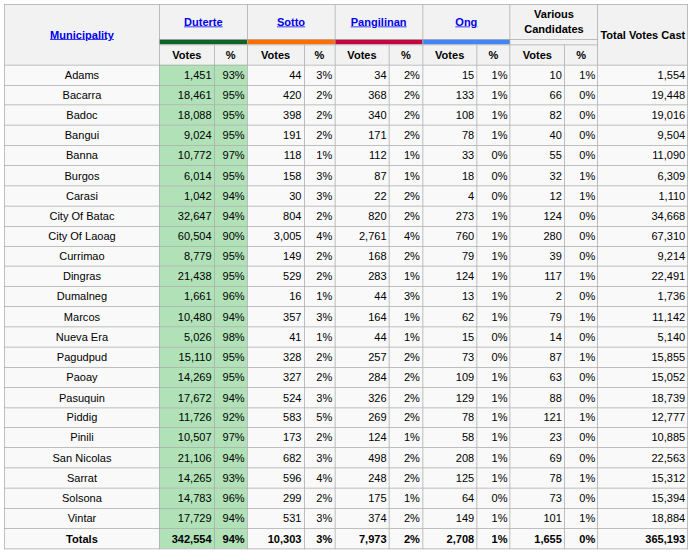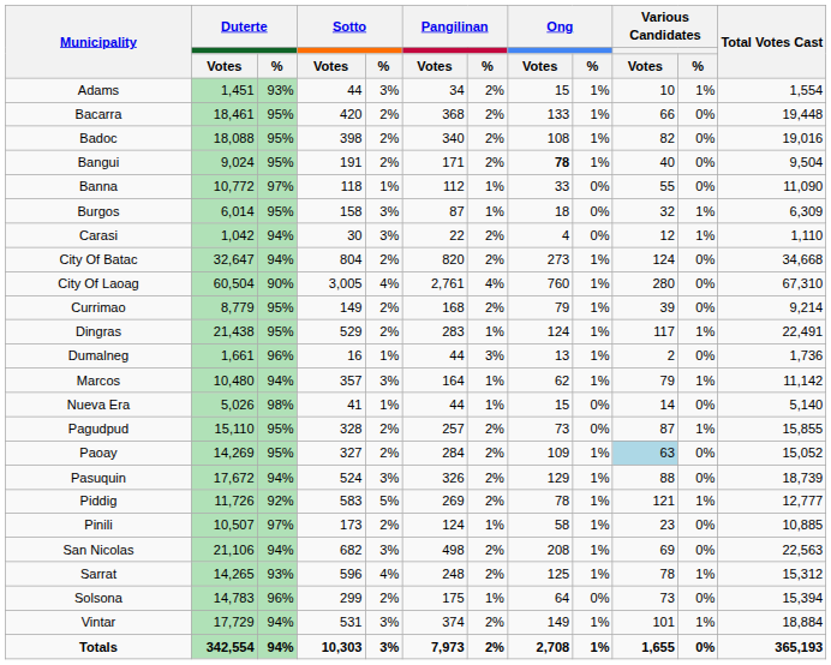 <table class="wikitable sortable" style="text-align:right; font-size:92%; line-height:20px;">
 <tr>
 <th rowspan="3" width="200"><a href='#'>Municipality</a></th>
 <th colspan="2" width="110"><a href='#'>Duterte</a></th>
 <th colspan="2" width="110"><a href='#'>Sotto</a></th>
 <th colspan="2" width="110"><a href='#'>Pangilinan</a></th>
 <th colspan="2" width="110"><a href='#'>Ong</a></th>
 <th colspan="2" width="110">Various Candidates</th>
 <th rowspan="3">Total Votes Cast</th>
 </tr>
 <tr>
 <th colspan="2" style="background:#0f6326;"></th>
 <th colspan="2" style="background:#ff6d01;"></th>
 <th colspan="2" style="background:#c3073e;"></th>
 <th colspan="2" style="background:#4285f4;"></th>
 <th colspan="2"></th>
 </tr>
 <tr>
 <th>Votes</th>
 <th>%</th>
 <th>Votes</th>
 <th>%</th>
 <th>Votes</th>
 <th>%</th>
 <th>Votes</th>
 <th>%</th>
 <th>Votes</th>
 <th>%</th>
 </tr>
 <tr>
 <td style="text-align:center;">Adams</td>
 <td style="background:#B0E1B7;">1,451</td>
 <td style="background:#B0E1B7;">93%</td>
 <td>44</td>
 <td>3%</td>
 <td>34</td>
 <td>2%</td>
 <td>15</td>
 <td>1%</td>
 <td>10</td>
 <td>1%</td>
 <td>1,554</td>
 </tr>
 <tr>
 <td style="text-align:center;">Bacarra</td>
 <td style="background:#B0E1B7;">18,461</td>
 <td style="background:#B0E1B7;">95%</td>
 <td>420</td>
 <td>2%</td>
 <td>368</td>
 <td>2%</td>
 <td>133</td>
 <td>1%</td>
 <td>66</td>
 <td>0%</td>
 <td>19,448</td>
 </tr>
 <tr>
 <td style="text-align:center;">Badoc</td>
 <td style="background:#B0E1B7;">18,088</td>
 <td style="background:#B0E1B7;">95%</td>
 <td>398</td>
 <td>2%</td>
 <td>340</td>
 <td>2%</td>
 <td>108</td>
 <td>1%</td>
 <td>82</td>
 <td>0%</td>
 <td>19,016</td>
 </tr>
 <tr>
 <td style="text-align:center;">Bangui</td>
 <td style="background:#B0E1B7;">9,024</td>
 <td style="background:#B0E1B7;">95%</td>
 <td>191</td>
 <td>2%</td>
 <td>171</td>
 <td>2%</td>
-<td>78</td>
+<td><strong>78</strong></td>
 <td>1%</td>
 <td>40</td>
 <td>0%</td>
 <td>9,504</td>
 </tr>
 <tr>
 <td style="text-align:center;">Banna</td>
 <td style="background:#B0E1B7;">10,772</td>
 <td style="background:#B0E1B7;">97%</td>
 <td>118</td>
 <td>1%</td>
 <td>112</td>
 <td>1%</td>
 <td>33</td>
 <td>0%</td>
 <td>55</td>
 <td>0%</td>
 <td>11,090</td>
 </tr>
 <tr>
 <td style="text-align:center;">Burgos</td>
 <td style="background:#B0E1B7;">6,014</td>
 <td style="background:#B0E1B7;">95%</td>
 <td>158</td>
 <td>3%</td>
 <td>87</td>
 <td>1%</td>
 <td>18</td>
 <td>0%</td>
 <td>32</td>
 <td>1%</td>
 <td>6,309</td>
 </tr>
 <tr>
 <td style="text-align:center;">Carasi</td>
 <td style="background:#B0E1B7;">1,042</td>
 <td style="background:#B0E1B7;">94%</td>
 <td>30</td>
 <td>3%</td>
 <td>22</td>
 <td>2%</td>
 <td>4</td>
 <td>0%</td>
 <td>12</td>
 <td>1%</td>
 <td>1,110</td>
 </tr>
 <tr>
 <td style="text-align:center;">City Of Batac</td>
 <td style="background:#B0E1B7;">32,647</td>
 <td style="background:#B0E1B7;">94%</td>
 <td>804</td>
 <td>2%</td>
 <td>820</td>
 <td>2%</td>
 <td>273</td>
 <td>1%</td>
 <td>124</td>
 <td>0%</td>
 <td>34,668</td>
 </tr>
 <tr>
 <td style="text-align:center;">City Of Laoag</td>
 <td style="background:#B0E1B7;">60,504</td>
 <td style="background:#B0E1B7;">90%</td>
 <td>3,005</td>
 <td>4%</td>
 <td>2,761</td>
 <td>4%</td>
 <td>760</td>
 <td>1%</td>
 <td>280</td>
 <td>0%</td>
 <td>67,310</td>
 </tr>
 <tr>
 <td style="text-align:center;">Currimao</td>
 <td style="background:#B0E1B7;">8,779</td>
 <td style="background:#B0E1B7;">95%</td>
 <td>149</td>
 <td>2%</td>
 <td>168</td>
 <td>2%</td>
 <td>79</td>
 <td>1%</td>
 <td>39</td>
 <td>0%</td>
 <td>9,214</td>
 </tr>
 <tr>
 <td style="text-align:center;">Dingras</td>
 <td style="background:#B0E1B7;">21,438</td>
 <td style="background:#B0E1B7;">95%</td>
 <td>529</td>
 <td>2%</td>
 <td>283</td>
 <td>1%</td>
 <td>124</td>
 <td>1%</td>
 <td>117</td>
 <td>1%</td>
 <td>22,491</td>
 </tr>
 <tr>
 <td style="text-align:center;">Dumalneg</td>
 <td style="background:#B0E1B7;">1,661</td>
 <td style="background:#B0E1B7;">96%</td>
 <td>16</td>
 <td>1%</td>
 <td>44</td>
 <td>3%</td>
 <td>13</td>
 <td>1%</td>
 <td>2</td>
 <td>0%</td>
 <td>1,736</td>
 </tr>
 <tr>
 <td style="text-align:center;">Marcos</td>
 <td style="background:#B0E1B7;">10,480</td>
 <td style="background:#B0E1B7;">94%</td>
 <td>357</td>
 <td>3%</td>
 <td>164</td>
 <td>1%</td>
 <td>62</td>
 <td>1%</td>
 <td>79</td>
 <td>1%</td>
 <td>11,142</td>
 </tr>
 <tr>
 <td style="text-align:center;">Nueva Era</td>
 <td style="background:#B0E1B7;">5,026</td>
 <td style="background:#B0E1B7;">98%</td>
 <td>41</td>
 <td>1%</td>
 <td>44</td>
 <td>1%</td>
 <td>15</td>
 <td>0%</td>
 <td>14</td>
 <td>0%</td>
 <td>5,140</td>
 </tr>
 <tr>
 <td style="text-align:center;">Pagudpud</td>
 <td style="background:#B0E1B7;">15,110</td>
 <td style="background:#B0E1B7;">95%</td>
 <td>328</td>
 <td>2%</td>
 <td>257</td>
 <td>2%</td>
 <td>73</td>
 <td>0%</td>
 <td>87</td>
 <td>1%</td>
 <td>15,855</td>
 </tr>
 <tr>
 <td style="text-align:center;">Paoay</td>
 <td style="background:#B0E1B7;">14,269</td>
 <td style="background:#B0E1B7;">95%</td>
 <td>327</td>
 <td>2%</td>
 <td>284</td>
 <td>2%</td>
 <td>109</td>
 <td>1%</td>
-<td>63</td>
+<td style="background: lightblue;">63</td>
 <td>0%</td>
 <td>15,052</td>
 </tr>
 <tr>
 <td style="text-align:center;">Pasuquin</td>
 <td style="background:#B0E1B7;">17,672</td>
 <td style="background:#B0E1B7;">94%</td>
 <td>524</td>
 <td>3%</td>
 <td>326</td>
 <td>2%</td>
 <td>129</td>
 <td>1%</td>
 <td>88</td>
 <td>0%</td>
 <td>18,739</td>
 </tr>
 <tr>
 <td style="text-align:center;">Piddig</td>
 <td style="background:#B0E1B7;">11,726</td>
 <td style="background:#B0E1B7;">92%</td>
 <td>583</td>
 <td>5%</td>
 <td>269</td>
 <td>2%</td>
 <td>78</td>
 <td>1%</td>
 <td>121</td>
 <td>1%</td>
 <td>12,777</td>
 </tr>
 <tr>
 <td style="text-align:center;">Pinili</td>
 <td style="background:#B0E1B7;">10,507</td>
 <td style="background:#B0E1B7;">97%</td>
 <td>173</td>
 <td>2%</td>
 <td>124</td>
 <td>1%</td>
 <td>58</td>
 <td>1%</td>
 <td>23</td>
 <td>0%</td>
 <td>10,885</td>
 </tr>
 <tr>
 <td style="text-align:center;">San Nicolas</td>
 <td style="background:#B0E1B7;">21,106</td>
 <td style="background:#B0E1B7;">94%</td>
 <td>682</td>
 <td>3%</td>
 <td>498</td>
 <td>2%</td>
 <td>208</td>
 <td>1%</td>
 <td>69</td>
 <td>0%</td>
 <td>22,563</td>
 </tr>
 <tr>
 <td style="text-align:center;">Sarrat</td>
 <td style="background:#B0E1B7;">14,265</td>
 <td style="background:#B0E1B7;">93%</td>
 <td>596</td>
 <td>4%</td>
 <td>248</td>
 <td>2%</td>
 <td>125</td>
 <td>1%</td>
 <td>78</td>
 <td>1%</td>
 <td>15,312</td>
 </tr>
 <tr>
 <td style="text-align:center;">Solsona</td>
 <td style="background:#B0E1B7;">14,783</td>
 <td style="background:#B0E1B7;">96%</td>
 <td>299</td>
 <td>2%</td>
 <td>175</td>
 <td>1%</td>
 <td>64</td>
 <td>0%</td>
 <td>73</td>
 <td>0%</td>
 <td>15,394</td>
 </tr>
 <tr>
 <td style="text-align:center;">Vintar</td>
 <td style="background:#B0E1B7;">17,729</td>
 <td style="background:#B0E1B7;">94%</td>
 <td>531</td>
 <td>3%</td>
 <td>374</td>
 <td>2%</td>
 <td>149</td>
 <td>1%</td>
 <td>101</td>
 <td>1%</td>
 <td>18,884</td>
 </tr>
 <tr>
 <td style="text-align:center;"><strong>Totals</strong></td>
 <td style="background:#B0E1B7;"><strong>342,554</strong></td>
 <td style="background:#B0E1B7;"><strong>94%</strong></td>
 <td><strong>10,303</strong></td>
 <td><strong>3%</strong></td>
 <td><strong>7,973</strong></td>
 <td><strong>2%</strong></td>
 <td><strong>2,708</strong></td>
 <td><strong>1%</strong></td>
 <td><strong>1,655</strong></td>
 <td><strong>0%</strong></td>
 <td><strong>365,193</strong></td>
 </tr>
 </table>
